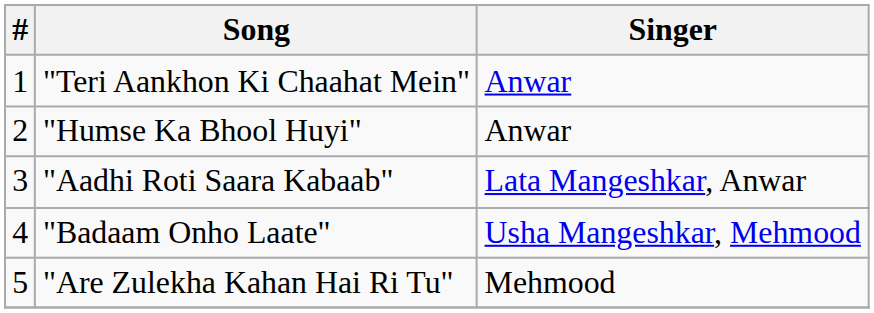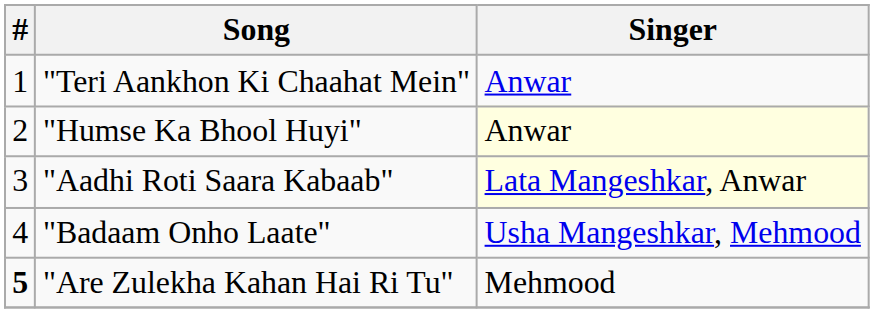 <table class="wikitable">
 <tr>
 <th>#</th>
 <th>Song</th>
 <th>Singer</th>
 </tr>
 <tr>
 <td>1</td>
 <td>"Teri Aankhon Ki Chaahat Mein"</td>
 <td><a href='#'>Anwar</a></td>
 </tr>
 <tr>
 <td>2</td>
 <td>"Humse Ka Bhool Huyi"</td>
-<td>Anwar</td>
+<td style="background: lightyellow;">Anwar</td>
 </tr>
 <tr>
 <td>3</td>
 <td>"Aadhi Roti Saara Kabaab"</td>
-<td><a href='#'>Lata Mangeshkar</a>, Anwar</td>
+<td style="background: lightyellow;"><a href='#'>Lata Mangeshkar</a>, Anwar</td>
 </tr>
 <tr>
 <td>4</td>
 <td>"Badaam Onho Laate"</td>
 <td><a href='#'>Usha Mangeshkar</a>, <a href='#'>Mehmood</a></td>
 </tr>
 <tr>
-<td>5</td>
+<td><strong>5</strong></td>
 <td>"Are Zulekha Kahan Hai Ri Tu"</td>
 <td>Mehmood</td>
 </tr>
 <tr>
 </tr>
 </table>
